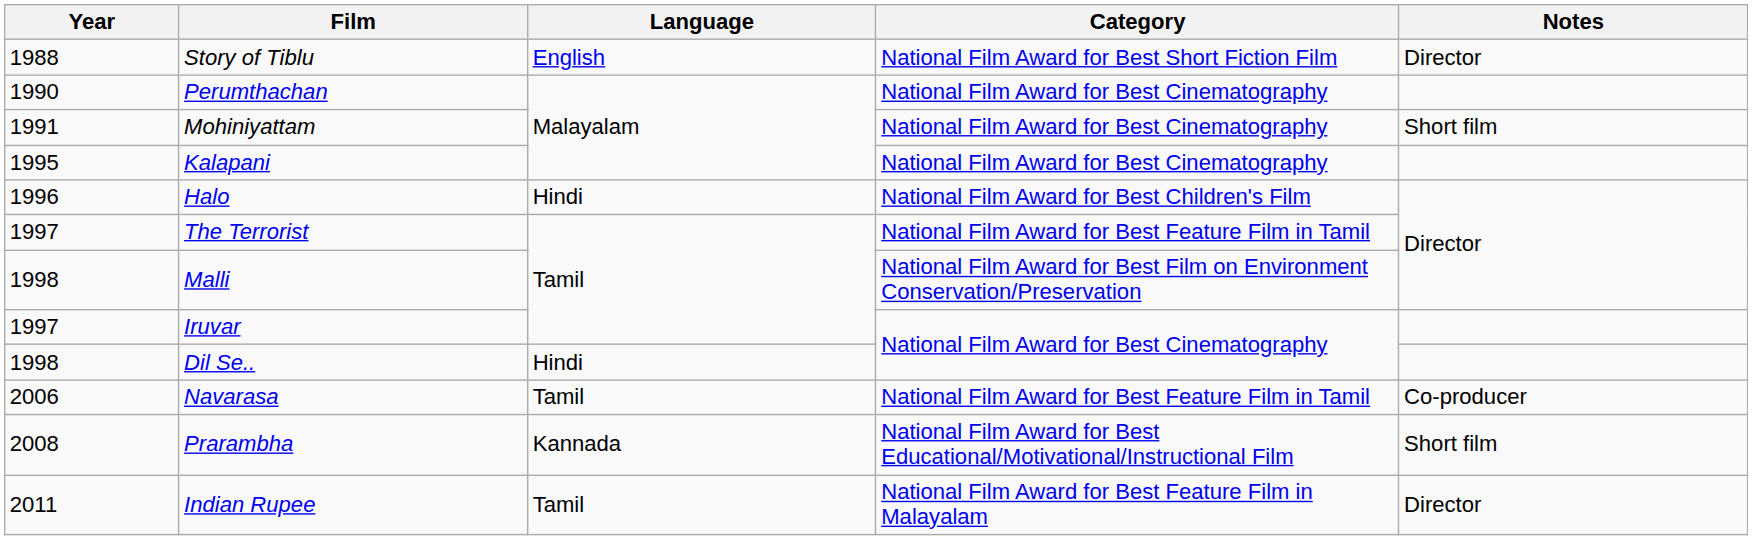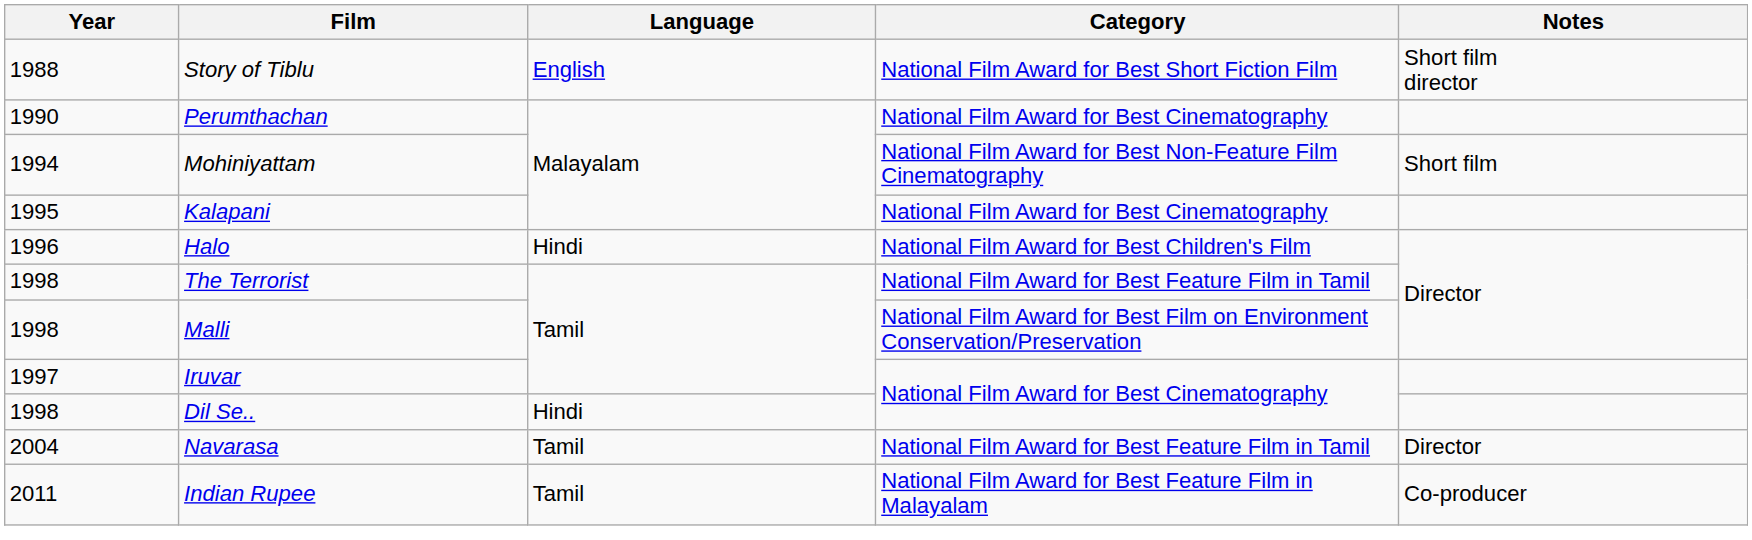 <table class="wikitable sortable" style="width:100%;">
 <tr>
 <th style="width:10%;">Year</th>
 <th style="width:20%;">Film</th>
 <th style="width:20%;">Language</th>
 <th style="width:30%;">Category</th>
 <th style="width:20%;">Notes</th>
 </tr>
 <tr style="text-align:left;">
 <td>1988</td>
 <td><em>Story of Tiblu</em></td>
 <td><a href='#'>English</a></td>
 <td><a href='#'>National Film Award for Best Short Fiction Film</a></td>
-<td>Director</td>
+<td>Short film<br>director</td>
 </tr>
 <tr style="text-align:left;">
 <td>1990</td>
 <td><em><a href='#'>Perumthachan</a></em></td>
 <td rowspan="3">Malayalam</td>
 <td><a href='#'>National Film Award for Best Cinematography</a></td>
 <td></td>
 </tr>
 <tr style="text-align:left;">
-<td>1991</td>
+<td>1994</td>
 <td><em>Mohiniyattam</em></td>
-<td><a href='#'>National Film Award for Best Cinematography</a></td>
+<td><a href='#'>National Film Award for Best Non-Feature Film Cinematography</a></td>
 <td>Short film</td>
 </tr>
 <tr style="text-align:left;">
 <td>1995</td>
 <td><em><a href='#'>Kalapani</a></em></td>
 <td><a href='#'>National Film Award for Best Cinematography</a></td>
 <td></td>
 </tr>
 <tr style="text-align:left;">
 <td>1996</td>
 <td><em><a href='#'>Halo</a></em></td>
 <td>Hindi</td>
 <td><a href='#'>National Film Award for Best Children's Film</a></td>
 <td rowspan="3">Director</td>
 </tr>
 <tr style="text-align:left;">
-<td>1997</td>
+<td>1998</td>
 <td><em><a href='#'>The Terrorist</a></em></td>
 <td rowspan="3">Tamil</td>
 <td><a href='#'>National Film Award for Best Feature Film in Tamil</a></td>
 </tr>
 <tr style="text-align:left;">
 <td>1998</td>
 <td><em><a href='#'>Malli</a></em></td>
 <td><a href='#'>National Film Award for Best Film on Environment Conservation/Preservation</a></td>
 </tr>
 <tr style="text-align:left;">
 <td>1997</td>
 <td><em><a href='#'>Iruvar</a></em></td>
 <td rowspan="2"><a href='#'>National Film Award for Best Cinematography</a></td>
 <td></td>
 </tr>
 <tr style="text-align:left;">
 <td>1998</td>
 <td><em><a href='#'>Dil Se..</a></em></td>
 <td>Hindi</td>
 <td></td>
 </tr>
 <tr style="text-align:left;">
-<td>2006</td>
+<td>2004</td>
 <td><em><a href='#'>Navarasa</a></em></td>
 <td>Tamil</td>
 <td><a href='#'>National Film Award for Best Feature Film in Tamil</a></td>
-<td>Co-producer</td>
-</tr>
-<tr style="text-align:left;">
-<td>2008</td>
-<td><em><a href='#'>Prarambha</a></em></td>
-<td>Kannada</td>
-<td><a href='#'>National Film Award for Best Educational/Motivational/Instructional Film</a></td>
-<td>Short film</td>
+<td>Director</td>
 </tr>
 <tr style="text-align:left;">
 <td>2011</td>
 <td><em><a href='#'>Indian Rupee</a></em></td>
 <td>Tamil</td>
 <td><a href='#'>National Film Award for Best Feature Film in Malayalam</a></td>
-<td>Director</td>
+<td>Co-producer</td>
 </tr>
 </table>
